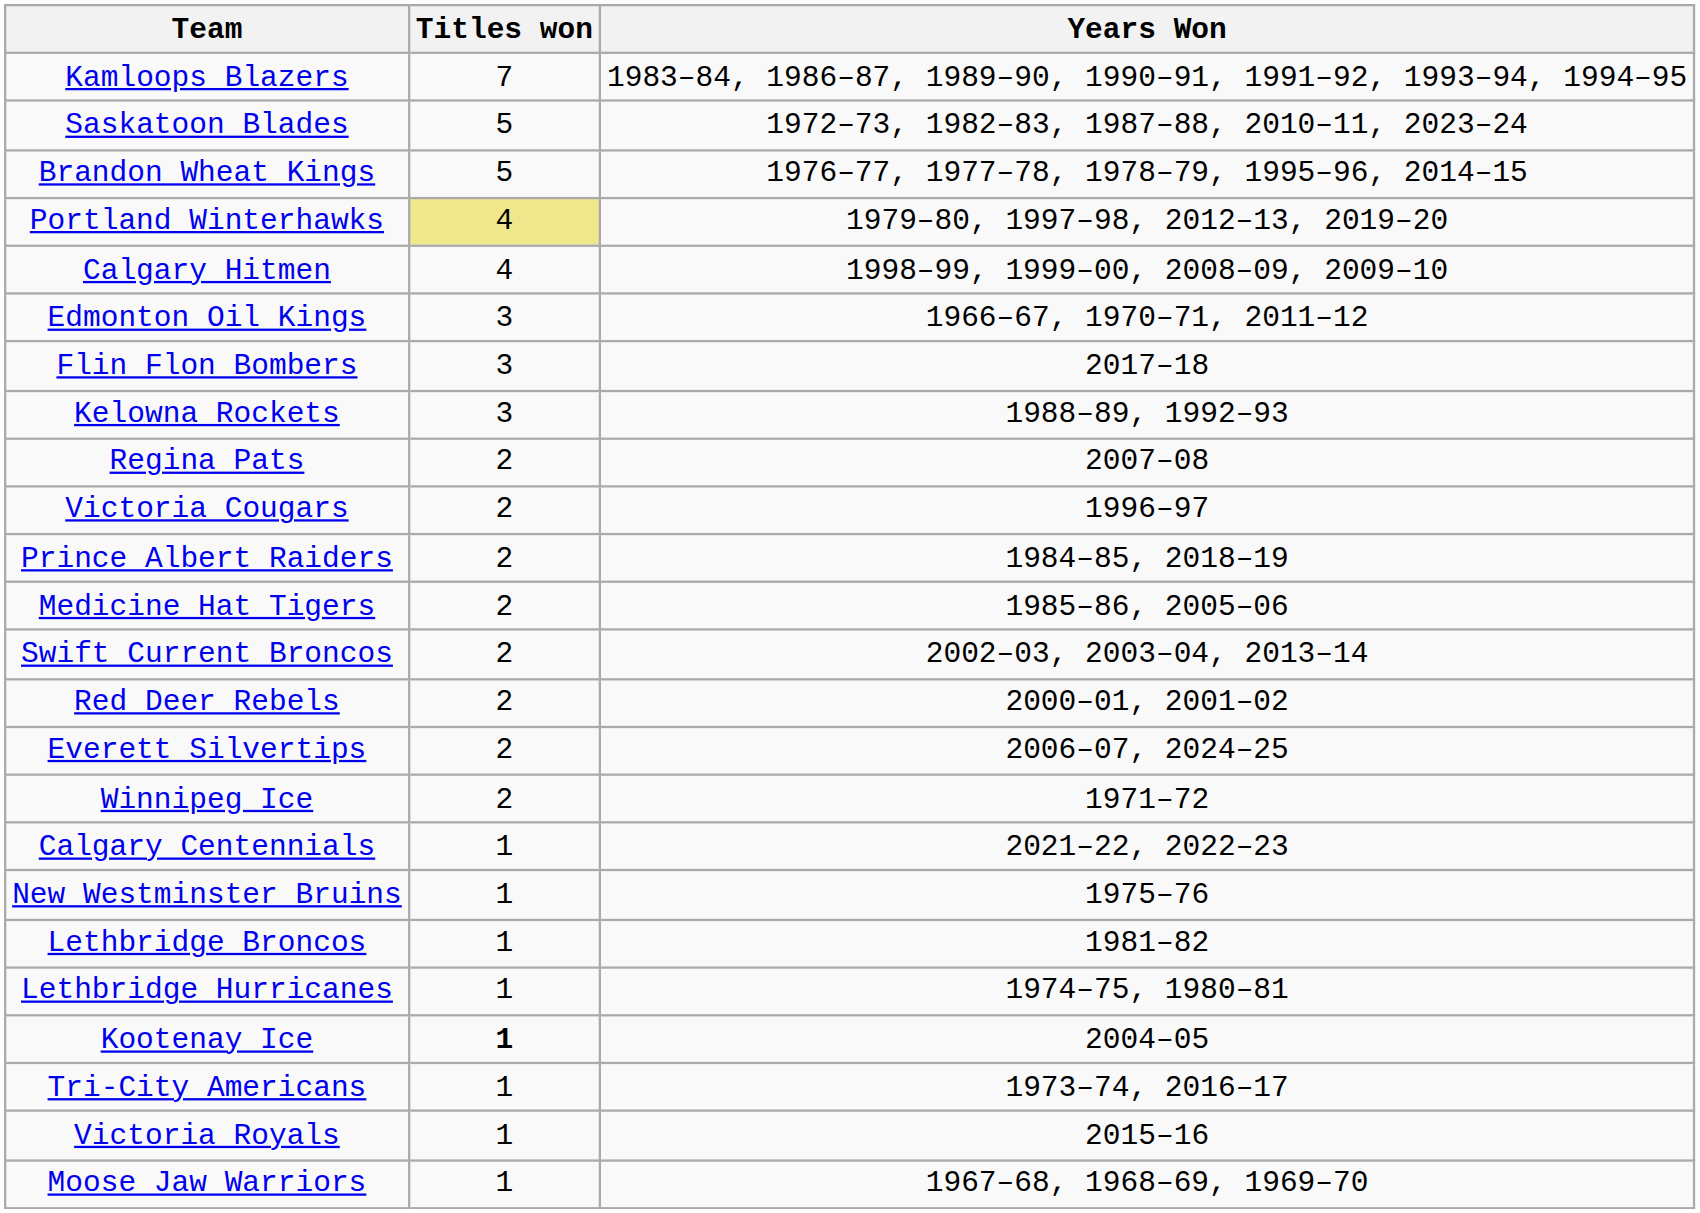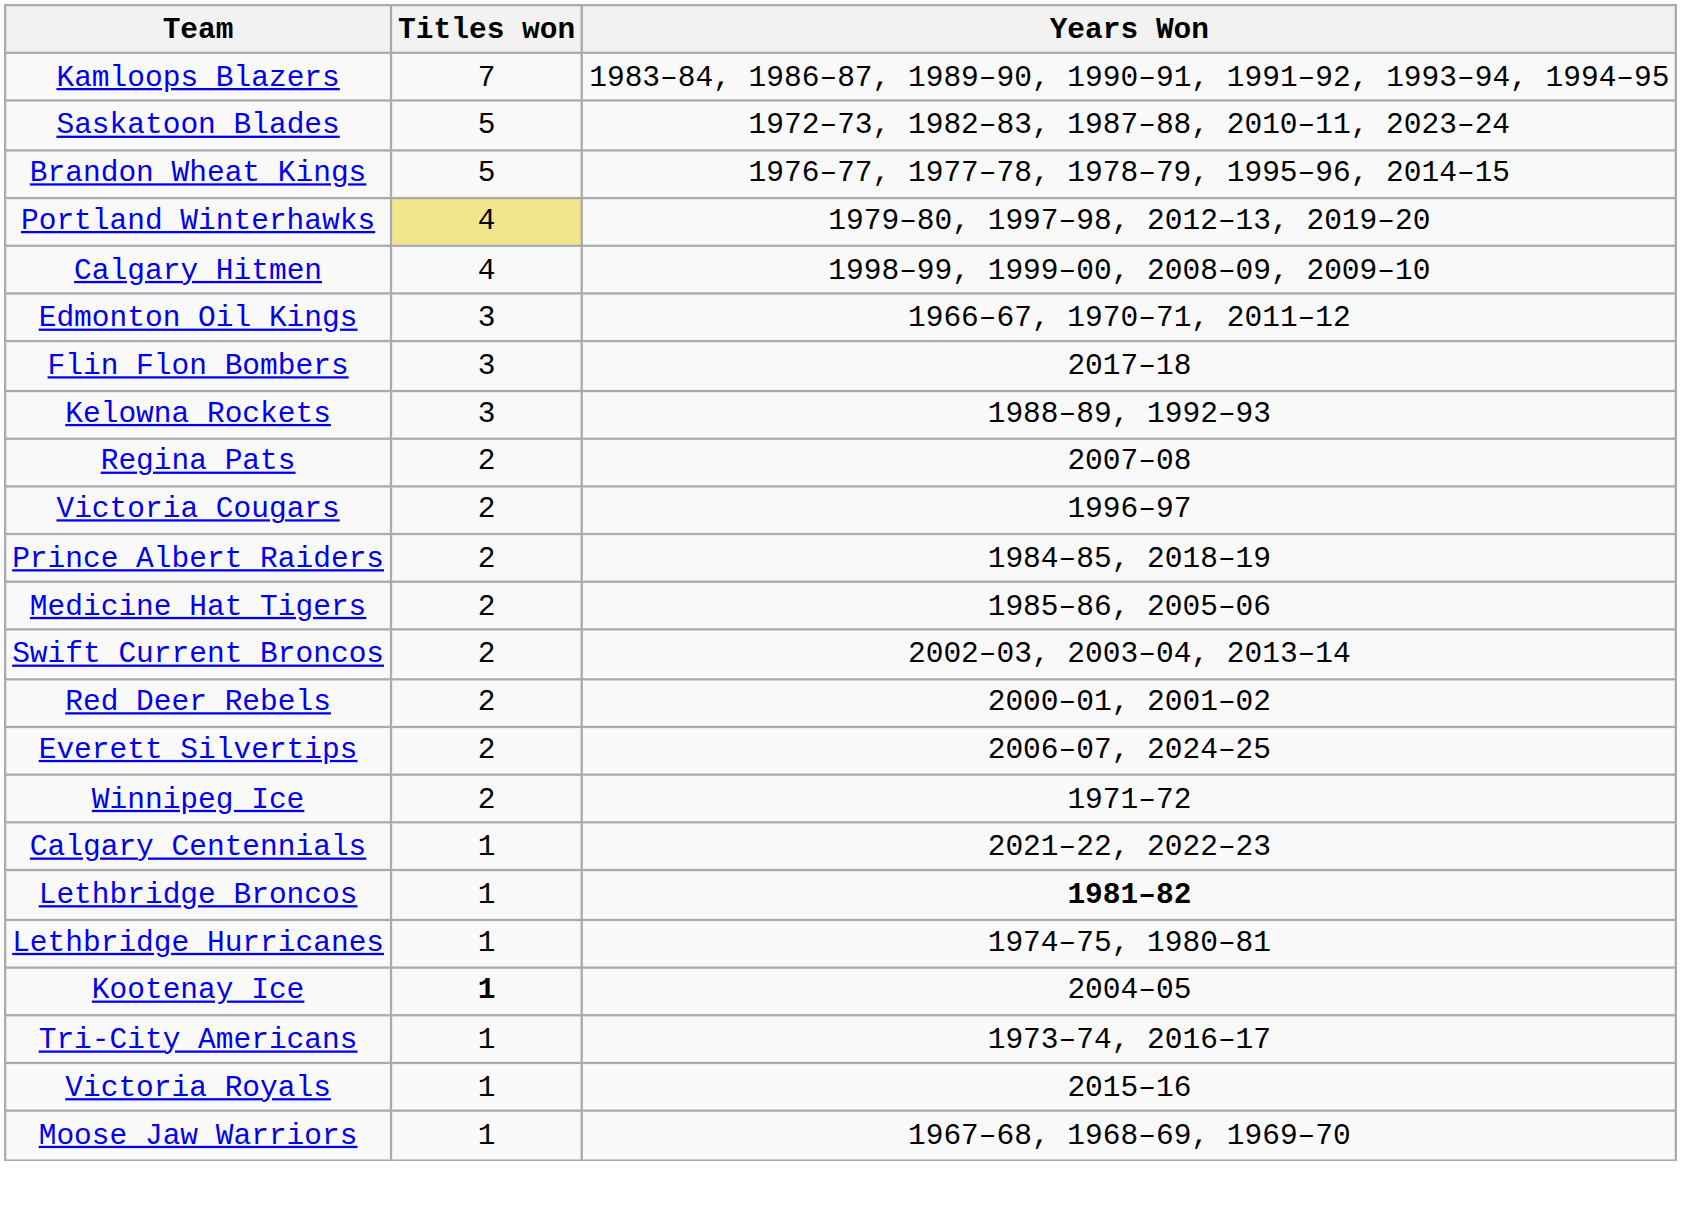 <table class="wikitable" style="text-align:center;">
 <tr>
 <th>Team</th>
 <th>Titles won</th>
 <th>Years Won</th>
 </tr>
 <tr>
 <td><a href='#'>Kamloops Blazers</a></td>
 <td>7</td>
 <td>1983–84, 1986–87, 1989–90, 1990–91, 1991–92, 1993–94, 1994–95</td>
 </tr>
 <tr>
 <td><a href='#'>Saskatoon Blades</a></td>
 <td>5</td>
 <td>1972–73, 1982–83, 1987–88, 2010–11, 2023–24</td>
 </tr>
 <tr>
 <td><a href='#'>Brandon Wheat Kings</a></td>
 <td>5</td>
 <td>1976–77, 1977–78, 1978–79, 1995–96, 2014–15</td>
 </tr>
 <tr>
 <td><a href='#'>Portland Winterhawks</a></td>
 <td style="background: khaki;">4</td>
 <td>1979–80, 1997–98, 2012–13, 2019–20</td>
 </tr>
 <tr>
 <td><a href='#'>Calgary Hitmen</a></td>
 <td>4</td>
 <td>1998–99, 1999–00, 2008–09, 2009–10</td>
 </tr>
 <tr>
 <td><a href='#'>Edmonton Oil Kings</a></td>
 <td>3</td>
 <td>1966–67, 1970–71, 2011–12</td>
 </tr>
 <tr>
 <td><a href='#'>Flin Flon Bombers</a></td>
 <td>3</td>
 <td>2017–18</td>
 </tr>
 <tr>
 <td><a href='#'>Kelowna Rockets</a></td>
 <td>3</td>
 <td>1988–89, 1992–93</td>
 </tr>
 <tr>
 <td><a href='#'>Regina Pats</a></td>
 <td>2</td>
 <td>2007–08</td>
 </tr>
 <tr>
 <td><a href='#'>Victoria Cougars</a></td>
 <td>2</td>
 <td>1996–97</td>
 </tr>
 <tr>
 <td><a href='#'>Prince Albert Raiders</a></td>
 <td>2</td>
 <td>1984–85, 2018–19</td>
 </tr>
 <tr>
 <td><a href='#'>Medicine Hat Tigers</a></td>
 <td>2</td>
 <td>1985–86, 2005–06</td>
 </tr>
 <tr>
 <td><a href='#'>Swift Current Broncos</a></td>
 <td>2</td>
 <td>2002–03, 2003–04, 2013–14</td>
 </tr>
 <tr>
 <td><a href='#'>Red Deer Rebels</a></td>
 <td>2</td>
 <td>2000–01, 2001–02</td>
 </tr>
 <tr>
 <td><a href='#'>Everett Silvertips</a></td>
 <td>2</td>
 <td>2006–07, 2024–25</td>
 </tr>
 <tr>
 <td><a href='#'>Winnipeg Ice</a></td>
 <td>2</td>
 <td>1971–72</td>
 </tr>
 <tr>
 <td><a href='#'>Calgary Centennials</a></td>
 <td>1</td>
 <td>2021–22, 2022–23</td>
 </tr>
 <tr>
-<td><a href='#'>New Westminster Bruins</a></td>
-<td>1</td>
-<td>1975–76</td>
-</tr>
-<tr>
 <td><a href='#'>Lethbridge Broncos</a></td>
 <td>1</td>
-<td>1981–82</td>
+<td><strong>1981–82</strong></td>
 </tr>
 <tr>
 <td><a href='#'>Lethbridge Hurricanes</a></td>
 <td>1</td>
 <td>1974–75, 1980–81</td>
 </tr>
 <tr>
 <td><a href='#'>Kootenay Ice</a></td>
 <td><strong>1</strong></td>
 <td>2004–05</td>
 </tr>
 <tr>
 <td><a href='#'>Tri-City Americans</a></td>
 <td>1</td>
 <td>1973–74, 2016–17</td>
 </tr>
 <tr>
 <td><a href='#'>Victoria Royals</a></td>
 <td>1</td>
 <td>2015–16</td>
 </tr>
 <tr>
 <td><a href='#'>Moose Jaw Warriors</a></td>
 <td>1</td>
 <td>1967–68, 1968–69, 1969–70</td>
 </tr>
 </table>
